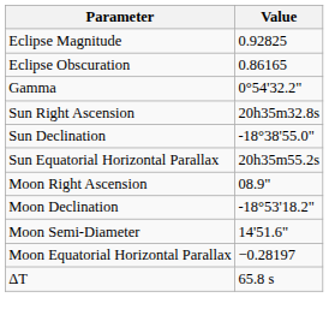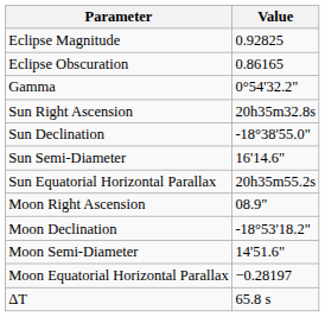 <table class="wikitable">
 <tr>
 <th>Parameter</th>
 <th>Value</th>
 </tr>
 <tr>
 <td>Eclipse Magnitude</td>
 <td>0.92825</td>
 </tr>
 <tr>
 <td>Eclipse Obscuration</td>
 <td>0.86165</td>
 </tr>
 <tr>
 <td>Gamma</td>
 <td>0°54'32.2"</td>
 </tr>
 <tr>
 <td>Sun Right Ascension</td>
 <td>20h35m32.8s</td>
 </tr>
 <tr>
 <td>Sun Declination</td>
 <td>-18°38'55.0"</td>
 </tr>
 <tr>
+<td>Sun Semi-Diameter</td>
+<td>16'14.6"</td>
+</tr>
+<tr>
 <td>Sun Equatorial Horizontal Parallax</td>
 <td>20h35m55.2s</td>
 </tr>
 <tr>
 <td>Moon Right Ascension</td>
 <td>08.9"</td>
 </tr>
 <tr>
 <td>Moon Declination</td>
 <td>-18°53'18.2"</td>
 </tr>
 <tr>
 <td>Moon Semi-Diameter</td>
 <td>14'51.6"</td>
 </tr>
 <tr>
 <td>Moon Equatorial Horizontal Parallax</td>
 <td>−0.28197</td>
 </tr>
 <tr>
 <td>ΔT</td>
 <td>65.8 s</td>
 </tr>
 </table>
